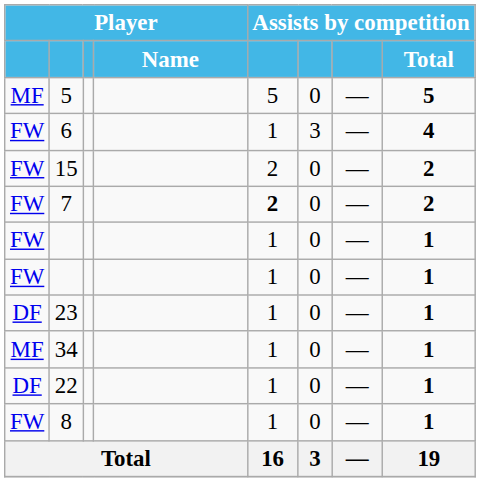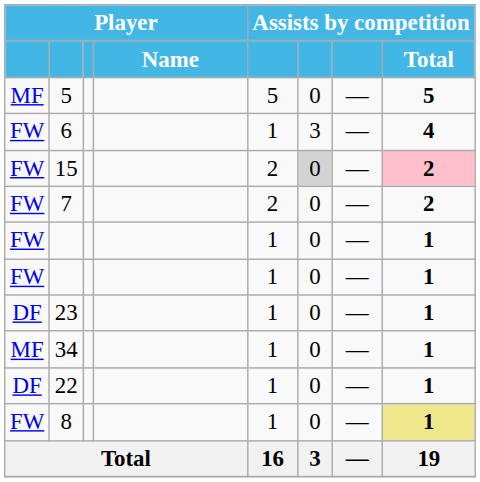 <table class="wikitable sortable" style="text-align:center;">
 <tr>
 <th style="background:#42b7e6; color:#fff;" colspan=4 scope="colgroup">Player</th>
 <th style="background:#42b7e6; color:#fff;" colspan=4 scope="colgroup">Assists by competition</th>
 </tr>
 <tr>
 <th style="background:#42b7e6; color:#fff;" scope="col"></th>
 <th style="background:#42b7e6; color:#fff;" scope="col"></th>
 <th style="background:#42b7e6; color:#fff;" scope="col"></th>
 <th style="background:#42b7e6; color:#fff; width:100px;" scope="col">Name</th>
 <th style="background:#42b7e6; color:#fff;" scope="col"></th>
 <th style="background:#42b7e6; color:#fff;" scope="col"></th>
 <th style="background:#42b7e6; color:#fff;" scope="col"></th>
 <th style="background:#42b7e6; color:#fff;" scope="col">Total</th>
 </tr>
 <tr>
 <td><a href='#'>MF</a></td>
 <td>5</td>
 <td></td>
 <td></td>
 <td>5</td>
 <td>0</td>
 <td>—</td>
 <td><strong>5</strong></td>
 </tr>
 <tr>
 <td><a href='#'>FW</a></td>
 <td>6</td>
 <td></td>
 <td></td>
 <td>1</td>
 <td>3</td>
 <td>—</td>
 <td><strong>4</strong></td>
 </tr>
 <tr>
 <td><a href='#'>FW</a></td>
 <td>15</td>
 <td></td>
 <td></td>
 <td>2</td>
-<td>0</td>
+<td style="background: lightgrey;">0</td>
 <td>—</td>
-<td><strong>2</strong></td>
+<td style="background: pink;"><strong>2</strong></td>
 </tr>
 <tr>
 <td><a href='#'>FW</a></td>
 <td>7</td>
 <td></td>
 <td></td>
-<td><strong>2</strong></td>
+<td>2</td>
 <td>0</td>
 <td>—</td>
 <td><strong>2</strong></td>
 </tr>
 <tr>
 <td><a href='#'>FW</a></td>
 <td></td>
 <td></td>
 <td></td>
 <td>1</td>
 <td>0</td>
 <td>—</td>
 <td><strong>1</strong></td>
 </tr>
 <tr>
 <td><a href='#'>FW</a></td>
 <td></td>
 <td></td>
 <td></td>
 <td>1</td>
 <td>0</td>
 <td>—</td>
 <td><strong>1</strong></td>
 </tr>
 <tr>
 <td><a href='#'>DF</a></td>
 <td>23</td>
 <td></td>
 <td></td>
 <td>1</td>
 <td>0</td>
 <td>—</td>
 <td><strong>1</strong></td>
 </tr>
 <tr>
 <td><a href='#'>MF</a></td>
 <td>34</td>
 <td></td>
 <td></td>
 <td>1</td>
 <td>0</td>
 <td>—</td>
 <td><strong>1</strong></td>
 </tr>
 <tr>
 <td><a href='#'>DF</a></td>
 <td>22</td>
 <td></td>
 <td></td>
 <td>1</td>
 <td>0</td>
 <td>—</td>
 <td><strong>1</strong></td>
 </tr>
 <tr>
 <td><a href='#'>FW</a></td>
 <td>8</td>
 <td></td>
 <td></td>
 <td>1</td>
 <td>0</td>
 <td>—</td>
-<td><strong>1</strong></td>
+<td style="background: khaki;"><strong>1</strong></td>
 </tr>
 <tr>
 <th colspan=4 scope="row">Total</th>
 <th>16</th>
 <th>3</th>
 <th>—</th>
 <th>19</th>
 </tr>
 <tr>
 </tr>
 </table>
